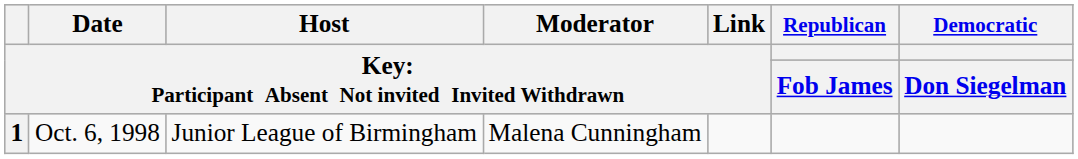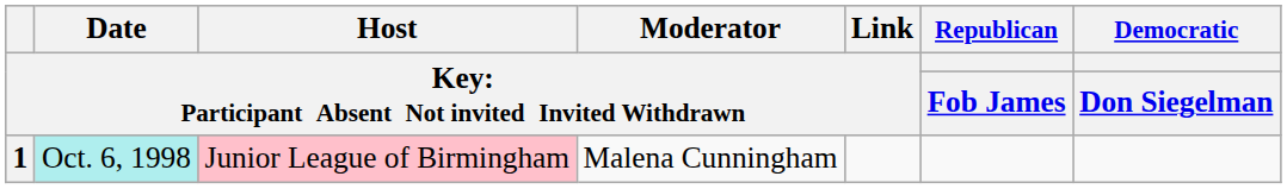 <table class="wikitable" style="text-align:center;">
 <tr>
 <th scope="col"></th>
 <th scope="col">Date</th>
 <th scope="col">Host</th>
 <th scope="col">Moderator</th>
 <th scope="col">Link</th>
 <th scope="col"><small><a href='#'>Republican</a></small></th>
 <th scope="col"><small><a href='#'>Democratic</a></small></th>
 </tr>
 <tr>
 <th colspan="5" rowspan="2">Key:<br> <small>Participant </small>  <small>Absent </small>  <small>Not invited </small>  <small>Invited  Withdrawn</small></th>
 <th scope="col" style="background:"></th>
 <th scope="col" style="background:"></th>
 </tr>
 <tr>
 <th scope="col"><a href='#'>Fob James</a></th>
 <th scope="col"><a href='#'>Don Siegelman</a></th>
 </tr>
 <tr>
 <th>1</th>
-<td style="white-space:nowrap;">Oct. 6, 1998</td>
-<td style="white-space:nowrap;">Junior League of Birmingham</td>
+<td style="background: paleturquoise; white-space:nowrap;">Oct. 6, 1998</td>
+<td style="background: pink; white-space:nowrap;">Junior League of Birmingham</td>
 <td style="white-space:nowrap;">Malena Cunningham</td>
 <td style="white-space:nowrap;"></td>
 <td></td>
 <td></td>
 </tr>
 </table>
